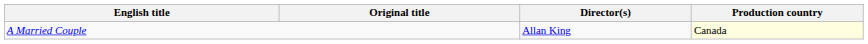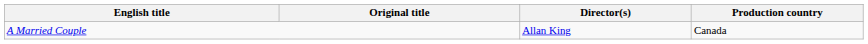 <table class="sortable wikitable" width="100%">
 <tr>
 <th scope="col" width="32%">English title</th>
 <th scope="col" width="28%">Original title</th>
 <th scope="col" width="20%">Director(s)</th>
 <th scope="col" width="20%">Production country</th>
 </tr>
 <tr>
 <td colspan=2><em><a href='#'>A Married Couple</a></em></td>
 <td><a href='#'>Allan King</a></td>
-<td style="background: lightyellow;">Canada</td>
+<td>Canada</td>
 </tr>
 </table>
